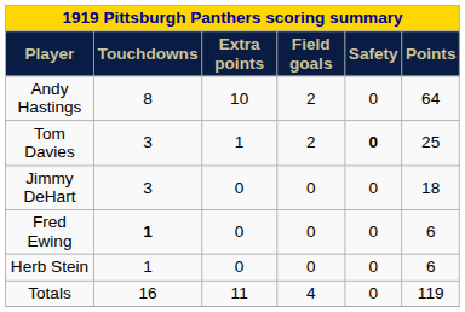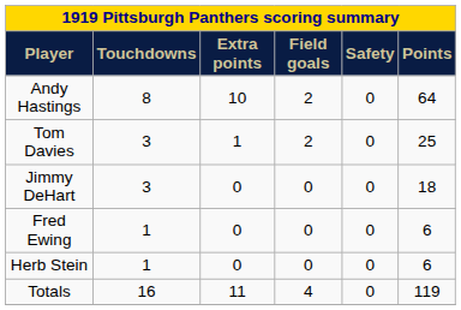 <table class="wikitable" width="35%">
 <tr>
 <th colspan="10" style="background:gold; color:darkblue; text-align: center;"><strong>1919 Pittsburgh Panthers scoring summary</strong></th>
 </tr>
 <tr align="center"  style="background:#091C44;color:#CEC499;">
 <td><strong>Player</strong></td>
 <td><strong>Touchdowns</strong></td>
 <td><strong>Extra points</strong></td>
 <td><strong>Field goals</strong></td>
 <td><strong>Safety</strong></td>
 <td><strong>Points</strong></td>
 </tr>
 <tr align="center" bgcolor="">
 <td>Andy Hastings</td>
 <td>8</td>
 <td>10</td>
 <td>2</td>
 <td>0</td>
 <td>64</td>
 </tr>
 <tr align="center" bgcolor="">
 <td>Tom Davies</td>
 <td>3</td>
 <td>1</td>
 <td>2</td>
-<td><strong>0</strong></td>
+<td>0</td>
 <td>25</td>
 </tr>
 <tr align="center" bgcolor="">
 <td>Jimmy DeHart</td>
 <td>3</td>
 <td>0</td>
 <td>0</td>
 <td>0</td>
 <td>18</td>
 </tr>
 <tr align="center" bgcolor="">
 <td>Fred Ewing</td>
-<td><strong>1</strong></td>
+<td>1</td>
 <td>0</td>
 <td>0</td>
 <td>0</td>
 <td>6</td>
 </tr>
 <tr align="center" bgcolor="">
 <td>Herb Stein</td>
 <td>1</td>
 <td>0</td>
 <td>0</td>
 <td>0</td>
 <td>6</td>
 </tr>
 <tr align="center" bgcolor="">
 <td>Totals</td>
 <td>16</td>
 <td>11</td>
 <td>4</td>
 <td>0</td>
 <td>119</td>
 </tr>
 <tr align="center" bgcolor="">
 </tr>
 </table>
